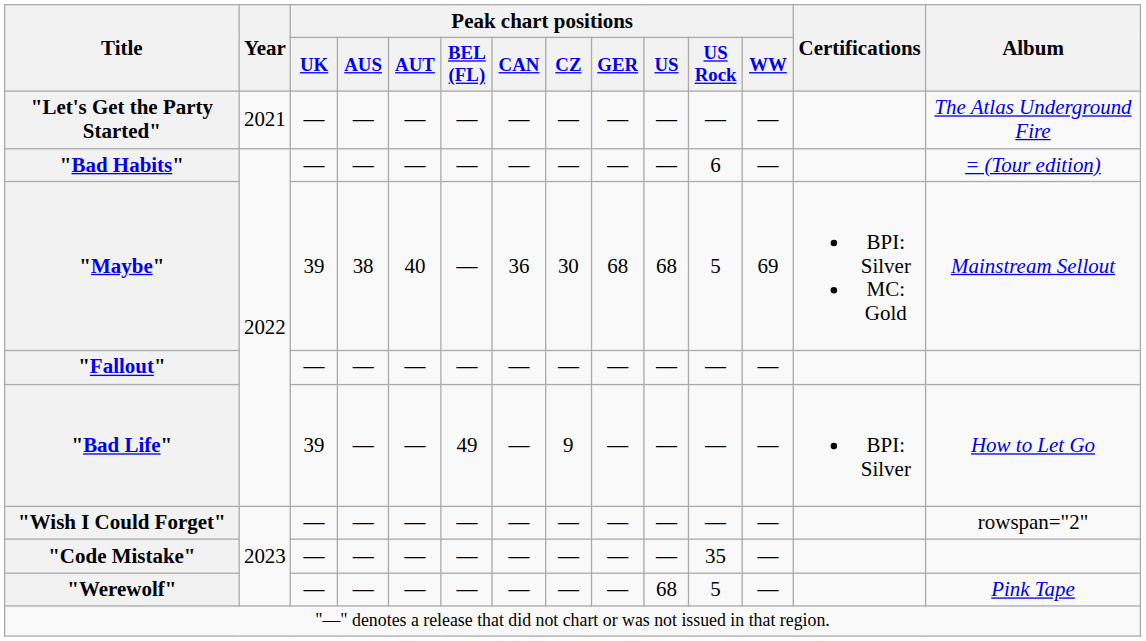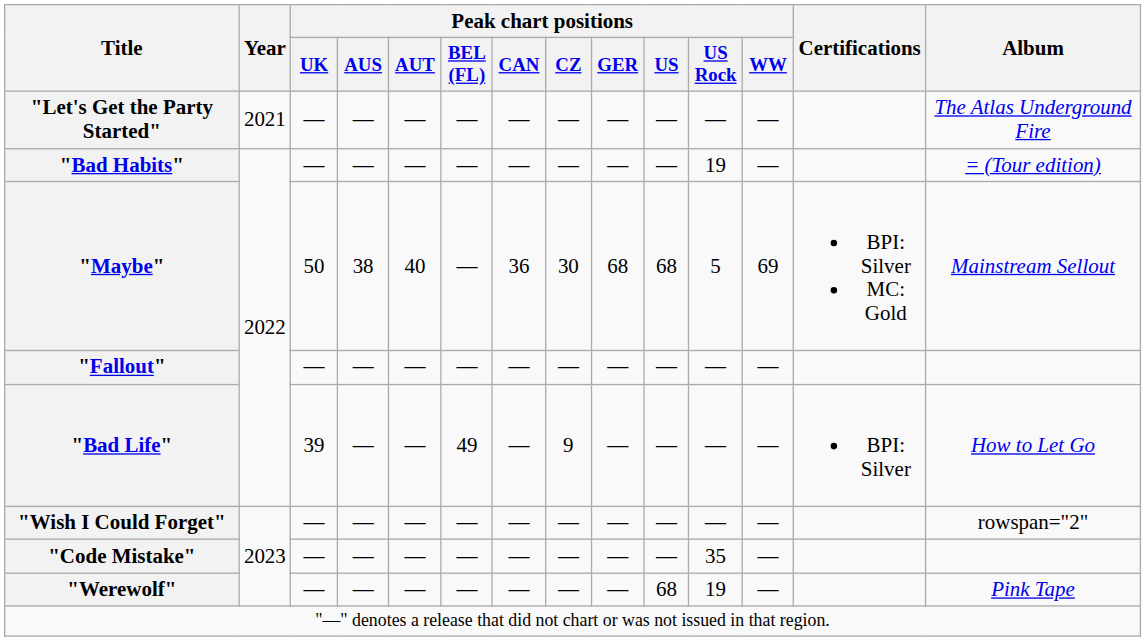 <table class="wikitable plainrowheaders" style="text-align:center;">
 <tr>
 <th scope="col" rowspan="2" style="width:16em;">Title</th>
 <th scope="col" rowspan="2" style="width:1em;">Year</th>
 <th scope="col" colspan="10">Peak chart positions</th>
 <th rowspan="2">Certifications</th>
 <th rowspan="2" scope="col" style="width:14em;">Album</th>
 </tr>
 <tr>
 <th scope="col" style="width:2.5em;font-size:90%;"><a href='#'>UK</a><br></th>
 <th scope="col" style="width:2.5em;font-size:90%;"><a href='#'>AUS</a><br></th>
 <th scope="col" style="width:2.5em;font-size:90%;"><a href='#'>AUT</a><br></th>
 <th scope="col" style="width:2.5em;font-size:90%;"><a href='#'>BEL<br>(FL)</a><br></th>
 <th scope="col" style="width:2.5em;font-size:90%;"><a href='#'>CAN</a><br></th>
 <th scope="col" style="width:2.5em;font-size:90%;"><a href='#'>CZ</a><br></th>
 <th scope="col" style="width:2.5em;font-size:90%;"><a href='#'>GER</a><br></th>
 <th scope="col" style="width:2.5em;font-size:90%;"><a href='#'>US</a><br></th>
 <th scope="col" style="width:2.5em;font-size:90%;"><a href='#'>US<br>Rock</a><br></th>
 <th scope="col" style="width:2.5em;font-size:90%;"><a href='#'>WW</a><br></th>
 </tr>
 <tr>
 <th scope="row">"Let's Get the Party Started"<br></th>
 <td>2021</td>
 <td>—</td>
 <td>—</td>
 <td>—</td>
 <td>—</td>
 <td>—</td>
 <td>—</td>
 <td>—</td>
 <td>—</td>
 <td>—</td>
 <td>—</td>
 <td></td>
 <td><em><a href='#'>The Atlas Underground Fire</a></em></td>
 </tr>
 <tr>
 <th scope="row">"<a href='#'>Bad Habits</a>"<br></th>
 <td rowspan="4">2022</td>
 <td>—</td>
 <td>—</td>
 <td>—</td>
 <td>—</td>
 <td>—</td>
 <td>—</td>
 <td>—</td>
 <td>—</td>
-<td>6</td>
+<td>19</td>
 <td>—</td>
 <td></td>
 <td><em><a href='#'>= (Tour edition)</a></em></td>
 </tr>
 <tr>
 <th scope="row">"<a href='#'>Maybe</a>"<br></th>
-<td>39</td>
+<td>50</td>
 <td>38</td>
 <td>40</td>
 <td>—</td>
 <td>36</td>
 <td>30</td>
 <td>68</td>
 <td>68</td>
 <td>5</td>
 <td>69</td>
 <td><br><ul><li>BPI: Silver</li><li>MC: Gold</li></ul></td>
 <td><em><a href='#'>Mainstream Sellout</a></em></td>
 </tr>
 <tr>
 <th scope="row">"<a href='#'>Fallout</a>"<br></th>
 <td>—</td>
 <td>—</td>
 <td>—</td>
 <td>—</td>
 <td>—</td>
 <td>—</td>
 <td>—</td>
 <td>—</td>
 <td>—</td>
 <td>—</td>
 <td></td>
 <td></td>
 </tr>
 <tr>
 <th scope="row">"<a href='#'>Bad Life</a>"<br></th>
 <td>39</td>
 <td>—</td>
 <td>—</td>
 <td>49</td>
 <td>—</td>
 <td>9</td>
 <td>—</td>
 <td>—</td>
 <td>—</td>
 <td>—</td>
 <td><br><ul><li>BPI: Silver</li></ul></td>
 <td><em><a href='#'>How to Let Go</a></em></td>
 </tr>
 <tr>
 <th scope="row">"Wish I Could Forget"<br></th>
 <td rowspan="3">2023</td>
 <td>—</td>
 <td>—</td>
 <td>—</td>
 <td>—</td>
 <td>—</td>
 <td>—</td>
 <td>—</td>
 <td>—</td>
 <td>—</td>
 <td>—</td>
 <td></td>
 <td>rowspan="2" </td>
 </tr>
 <tr>
 <th scope="row">"Code Mistake"<br></th>
 <td>—</td>
 <td>—</td>
 <td>—</td>
 <td>—</td>
 <td>—</td>
 <td>—</td>
 <td>—</td>
 <td>—</td>
 <td>35</td>
 <td>—</td>
 <td></td>
 </tr>
 <tr>
 <th scope="row">"Werewolf"<br></th>
 <td>—</td>
 <td>—</td>
 <td>—</td>
 <td>—</td>
 <td>—</td>
 <td>—</td>
 <td>—</td>
 <td>68</td>
-<td>5</td>
+<td>19</td>
 <td>—</td>
 <td></td>
 <td><em><a href='#'>Pink Tape</a></em></td>
 </tr>
 <tr>
 <td colspan="15" style="font-size:85%">"—" denotes a release that did not chart or was not issued in that region.</td>
 </tr>
 </table>
